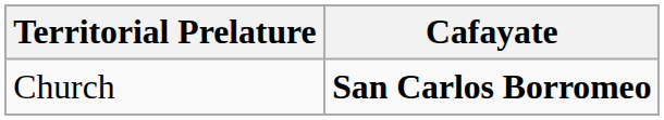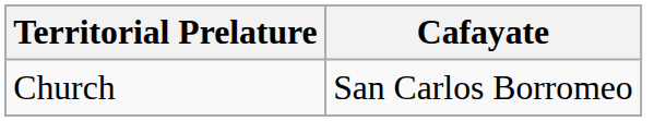 <table class="wikitable">
 <tr>
 <th>Territorial Prelature</th>
 <th>Cafayate</th>
 </tr>
 <tr>
 <td>Church</td>
-<td><strong>San Carlos Borromeo</strong></td>
+<td>San Carlos Borromeo</td>
 </tr>
 </table>
